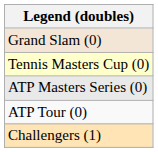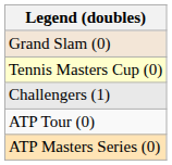 <table class="wikitable">
 <tr>
 <th>Legend (doubles)</th>
 </tr>
 <tr style="background:#f3e6d7;">
 <td>Grand Slam (0)</td>
 </tr>
 <tr style="background:#ffffcc;">
 <td>Tennis Masters Cup (0)</td>
 </tr>
 <tr style="background:#e9e9e9;">
-<td>ATP Masters Series (0)</td>
+<td>Challengers (1)</td>
 </tr>
 <tr>
 <td>ATP Tour (0)</td>
 </tr>
 <tr bgcolor="moccasin">
-<td>Challengers (1)</td>
+<td>ATP Masters Series (0)</td>
 </tr>
 </table>
